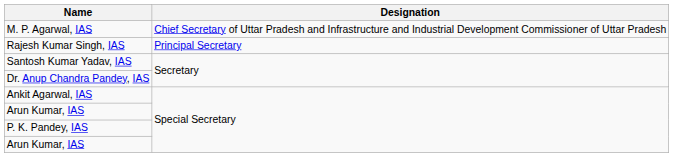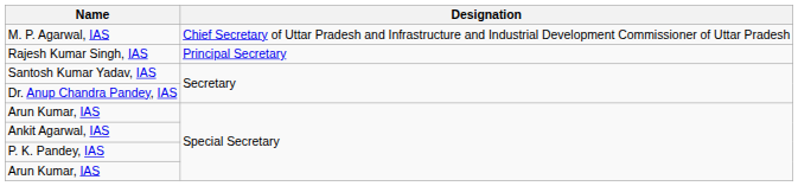 <table class="wikitable">
 <tr>
 <th>Name</th>
 <th>Designation</th>
 </tr>
 <tr>
 <td>M. P. Agarwal, <a href='#'>IAS</a></td>
 <td><a href='#'>Chief Secretary</a> of Uttar Pradesh and Infrastructure and Industrial Development Commissioner of Uttar Pradesh</td>
 </tr>
 <tr>
 <td>Rajesh Kumar Singh, <a href='#'>IAS</a></td>
 <td><a href='#'>Principal Secretary</a></td>
 </tr>
 <tr>
 <td>Santosh Kumar Yadav, <a href='#'>IAS</a></td>
 <td rowspan="2">Secretary</td>
 </tr>
 <tr>
 <td>Dr. <a href='#'>Anup Chandra Pandey</a>, <a href='#'>IAS</a></td>
 </tr>
 <tr>
-<td>Ankit Agarwal, <a href='#'>IAS</a></td>
+<td>Arun Kumar, <a href='#'>IAS</a></td>
 <td rowspan="4">Special Secretary</td>
 </tr>
 <tr>
-<td>Arun Kumar, <a href='#'>IAS</a></td>
+<td>Ankit Agarwal, <a href='#'>IAS</a></td>
 </tr>
 <tr>
 <td>P. K. Pandey, <a href='#'>IAS</a></td>
 </tr>
 <tr>
 <td>Arun Kumar, <a href='#'>IAS</a></td>
 </tr>
 </table>
